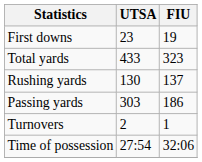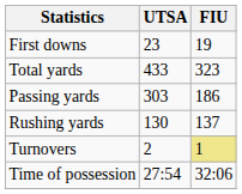 <table class="wikitable">
 <tr>
 <th>Statistics</th>
 <th>UTSA</th>
 <th>FIU</th>
 </tr>
 <tr>
 <td>First downs</td>
 <td>23</td>
 <td>19</td>
 </tr>
 <tr>
 <td>Total yards</td>
 <td>433</td>
 <td>323</td>
 </tr>
 <tr>
+<td>Passing yards</td>
+<td>303</td>
+<td>186</td>
+</tr>
+<tr>
 <td>Rushing yards</td>
 <td>130</td>
 <td>137</td>
 </tr>
 <tr>
-<td>Passing yards</td>
-<td>303</td>
-<td>186</td>
-</tr>
-<tr>
 <td>Turnovers</td>
 <td>2</td>
-<td>1</td>
+<td style="background: khaki;">1</td>
 </tr>
 <tr>
 <td>Time of possession</td>
 <td>27:54</td>
 <td>32:06</td>
 </tr>
 <tr>
 </tr>
 </table>
